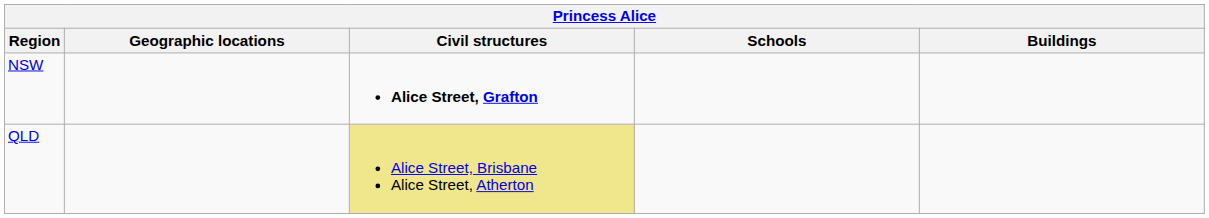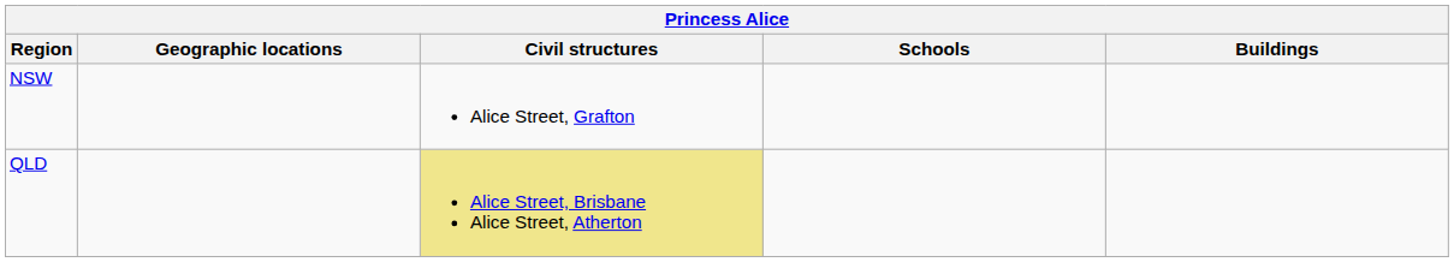 <table class="wikitable" width="100%">
 <tr>
 <th colspan="5"> <a href='#'>Princess Alice</a></th>
 </tr>
 <tr>
 <th width="5%">Region</th>
 <th width="23.75%">Geographic locations</th>
 <th width="23.75%">Civil structures</th>
 <th width="23.75%">Schools</th>
 <th width="23.75%">Buildings</th>
 </tr>
 <tr>
 <td align=left valign=top> <a href='#'>NSW</a></td>
 <td></td>
-<td><strong><br><ul><li>Alice Street, <a href='#'>Grafton</a></li></ul></strong></td>
+<td><br><ul><li>Alice Street, <a href='#'>Grafton</a></li></ul></td>
 <td></td>
 <td></td>
 </tr>
 <tr>
 <td align=left valign=top> <a href='#'>QLD</a></td>
 <td></td>
 <td style="background: khaki;"><br><ul><li><a href='#'>Alice Street, Brisbane</a></li><li>Alice Street, <a href='#'>Atherton</a></li></ul></td>
 <td></td>
 </tr>
 </table>
